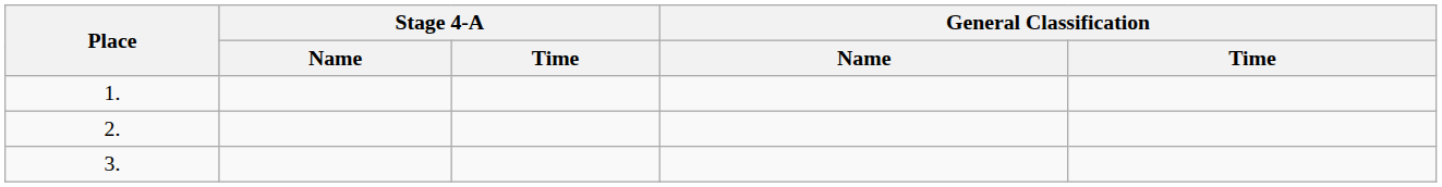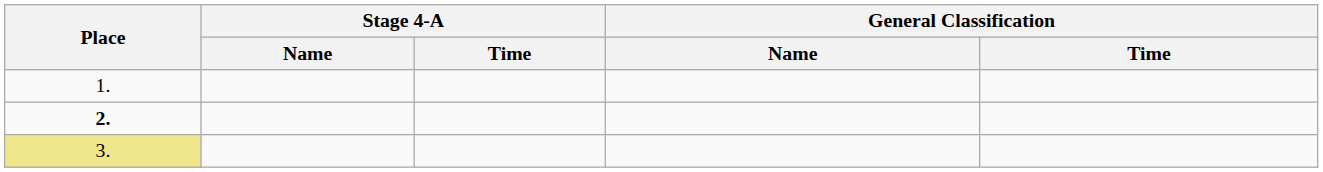 <table class=wikitable style="font-size:95%" width="80%">
 <tr>
 <th rowspan="2">Place</th>
 <th colspan="2">Stage 4-A</th>
 <th colspan="2">General Classification</th>
 </tr>
 <tr>
 <th>Name</th>
 <th>Time</th>
 <th>Name</th>
 <th>Time</th>
 </tr>
 <tr>
 <td align="center">1.</td>
 <td></td>
 <td></td>
 <td></td>
 <td></td>
 </tr>
 <tr>
-<td align="center">2.</td>
+<td align="center"><strong>2.</strong></td>
 <td></td>
 <td></td>
 <td></td>
 <td></td>
 </tr>
 <tr>
-<td align="center">3.</td>
+<td align="center" style="background: khaki;">3.</td>
 <td></td>
 <td></td>
 <td></td>
 <td></td>
 </tr>
 </table>
